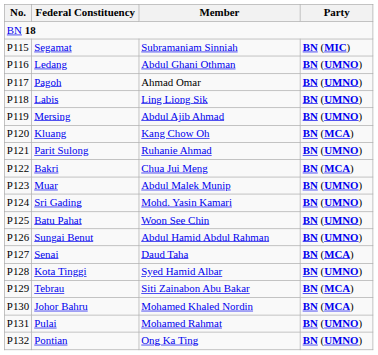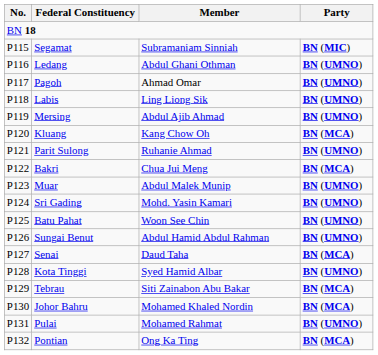 <table class="wikitable sortable">
 <tr>
 <th style="width:30px;">No.</th>
 <th style="width:150px;">Federal Constituency</th>
 <th style="width:230px;">Member</th>
 <th style="width:100px;">Party</th>
 </tr>
 <tr>
 <td colspan="4"><a href='#'>BN</a> <strong>18</strong></td>
 </tr>
 <tr>
 <td>P115</td>
 <td><a href='#'>Segamat</a></td>
 <td><a href='#'>Subramaniam Sinniah</a></td>
 <td><strong><a href='#'>BN</a></strong> (<strong><a href='#'>MIC</a></strong>)</td>
 </tr>
 <tr>
 <td>P116</td>
 <td><a href='#'>Ledang</a></td>
 <td><a href='#'>Abdul Ghani Othman</a></td>
 <td><strong><a href='#'>BN</a></strong> (<strong><a href='#'>UMNO</a></strong>)</td>
 </tr>
 <tr>
 <td>P117</td>
 <td><a href='#'>Pagoh</a></td>
 <td>Ahmad Omar</td>
 <td><strong><a href='#'>BN</a></strong> (<strong><a href='#'>UMNO</a></strong>)</td>
 </tr>
 <tr>
 <td>P118</td>
 <td><a href='#'>Labis</a></td>
 <td><a href='#'>Ling Liong Sik</a></td>
 <td><strong><a href='#'>BN</a></strong> (<strong><a href='#'>UMNO</a></strong>)</td>
 </tr>
 <tr>
 <td>P119</td>
 <td><a href='#'>Mersing</a></td>
 <td><a href='#'>Abdul Ajib Ahmad</a></td>
 <td><strong><a href='#'>BN</a></strong> (<strong><a href='#'>UMNO</a></strong>)</td>
 </tr>
 <tr>
 <td>P120</td>
 <td><a href='#'>Kluang</a></td>
 <td><a href='#'>Kang Chow Oh</a></td>
 <td><strong><a href='#'>BN</a></strong> (<strong><a href='#'>MCA</a></strong>)</td>
 </tr>
 <tr>
 <td>P121</td>
 <td><a href='#'>Parit Sulong</a></td>
 <td><a href='#'>Ruhanie Ahmad</a></td>
 <td><strong><a href='#'>BN</a></strong> (<strong><a href='#'>UMNO</a></strong>)</td>
 </tr>
 <tr>
 <td>P122</td>
 <td><a href='#'>Bakri</a></td>
 <td><a href='#'>Chua Jui Meng</a></td>
 <td><strong><a href='#'>BN</a></strong> (<strong><a href='#'>MCA</a></strong>)</td>
 </tr>
 <tr>
 <td>P123</td>
 <td><a href='#'>Muar</a></td>
 <td><a href='#'>Abdul Malek Munip</a></td>
 <td><strong><a href='#'>BN</a></strong> (<strong><a href='#'>UMNO</a></strong>)</td>
 </tr>
 <tr>
 <td>P124</td>
 <td><a href='#'>Sri Gading</a></td>
 <td><a href='#'>Mohd. Yasin Kamari</a></td>
 <td><strong><a href='#'>BN</a></strong> (<strong><a href='#'>UMNO</a></strong>)</td>
 </tr>
 <tr>
 <td>P125</td>
 <td><a href='#'>Batu Pahat</a></td>
 <td><a href='#'>Woon See Chin</a></td>
 <td><strong><a href='#'>BN</a></strong> (<strong><a href='#'>UMNO</a></strong>)</td>
 </tr>
 <tr>
 <td>P126</td>
 <td><a href='#'>Sungai Benut</a></td>
 <td><a href='#'>Abdul Hamid Abdul Rahman</a></td>
 <td><strong><a href='#'>BN</a></strong> (<strong><a href='#'>UMNO</a></strong>)</td>
 </tr>
 <tr>
 <td>P127</td>
 <td><a href='#'>Senai</a></td>
 <td><a href='#'>Daud Taha</a></td>
 <td><strong><a href='#'>BN</a></strong> (<strong><a href='#'>MCA</a></strong>)</td>
 </tr>
 <tr>
 <td>P128</td>
 <td><a href='#'>Kota Tinggi</a></td>
 <td><a href='#'>Syed Hamid Albar</a></td>
 <td><strong><a href='#'>BN</a></strong> (<strong><a href='#'>UMNO</a></strong>)</td>
 </tr>
 <tr>
 <td>P129</td>
 <td><a href='#'>Tebrau</a></td>
 <td><a href='#'>Siti Zainabon Abu Bakar</a></td>
 <td><strong><a href='#'>BN</a></strong> (<strong><a href='#'>MCA</a></strong>)</td>
 </tr>
 <tr>
 <td>P130</td>
 <td><a href='#'>Johor Bahru</a></td>
 <td><a href='#'>Mohamed Khaled Nordin</a></td>
 <td><strong><a href='#'>BN</a></strong> (<strong><a href='#'>MCA</a></strong>)</td>
 </tr>
 <tr>
 <td>P131</td>
 <td><a href='#'>Pulai</a></td>
 <td><a href='#'>Mohamed Rahmat</a></td>
 <td><strong><a href='#'>BN</a></strong> (<strong><a href='#'>UMNO</a></strong>)</td>
 </tr>
 <tr>
 <td>P132</td>
 <td><a href='#'>Pontian</a></td>
 <td><a href='#'>Ong Ka Ting</a></td>
-<td><strong><a href='#'>BN</a></strong> (<strong><a href='#'>UMNO</a></strong>)</td>
+<td><strong><a href='#'>BN</a></strong> (<strong><a href='#'>MCA</a></strong>)</td>
 </tr>
 </table>
